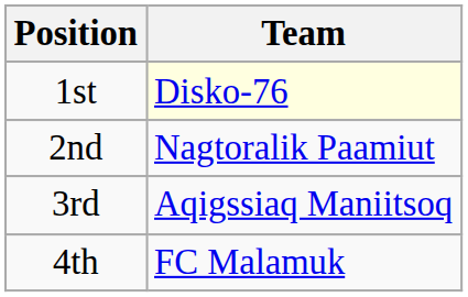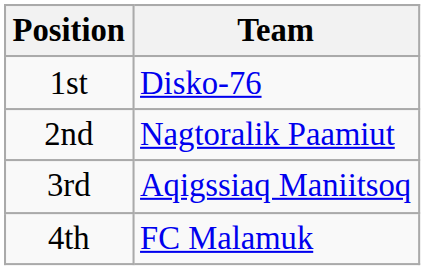 <table class="wikitable">
 <tr>
 <th>Position</th>
 <th>Team</th>
 </tr>
 <tr>
 <td style="text-align:center">1st</td>
-<td style="background: lightyellow;"><a href='#'>Disko-76</a></td>
+<td><a href='#'>Disko-76</a></td>
 </tr>
 <tr>
 <td style="text-align:center">2nd</td>
 <td><a href='#'>Nagtoralik Paamiut</a></td>
 </tr>
 <tr>
 <td style="text-align:center">3rd</td>
 <td><a href='#'>Aqigssiaq Maniitsoq</a></td>
 </tr>
 <tr>
 <td style="text-align:center">4th</td>
 <td><a href='#'>FC Malamuk</a></td>
 </tr>
 </table>
